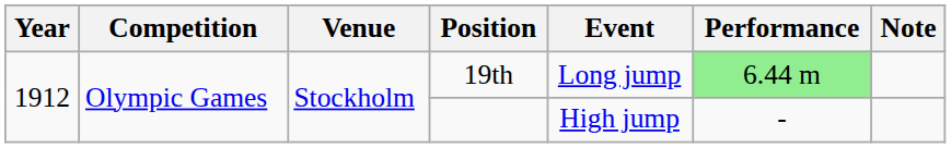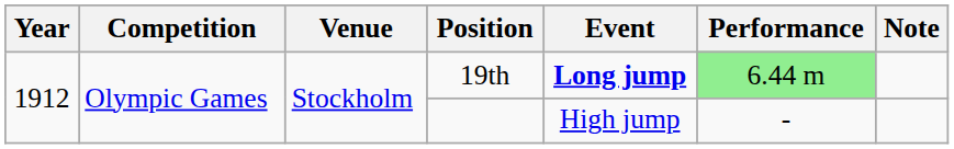 <table class="wikitable" width=55% style="font-size:90%; text-align:center;">
 <tr>
 <th>Year</th>
 <th>Competition</th>
 <th>Venue</th>
 <th>Position</th>
 <th>Event</th>
 <th>Performance</th>
 <th>Note</th>
 </tr>
 <tr>
 <td rowspan=2>1912</td>
 <td rowspan=2 align=left><a href='#'>Olympic Games</a></td>
 <td rowspan=2 align=left> <a href='#'>Stockholm</a></td>
 <td>19th</td>
-<td><a href='#'>Long jump</a></td>
+<td><strong><a href='#'>Long jump</a></strong></td>
 <td style="background: lightgreen;">6.44 m</td>
 <td></td>
 </tr>
 <tr>
 <td></td>
 <td><a href='#'>High jump</a></td>
 <td>-</td>
 <td></td>
 </tr>
 </table>
